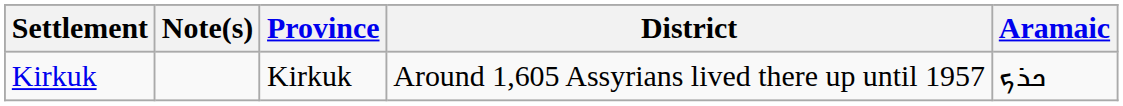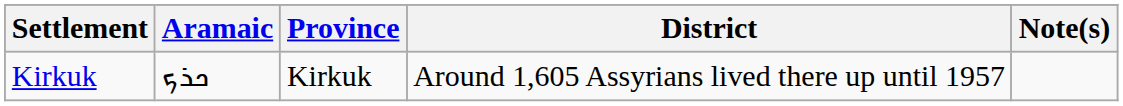 <table class="wikitable">
 <tr>
 <th>Settlement</th>
-<th>Note(s)</th>
+<th><a href='#'>Aramaic</a></th>
 <th><a href='#'>Province</a></th>
 <th>District</th>
-<th><a href='#'>Aramaic</a></th>
+<th>Note(s)</th>
 </tr>
 <tr>
 <td><a href='#'>Kirkuk</a></td>
-<td></td>
+<td>ܟܪܟ</td>
 <td>Kirkuk</td>
 <td>Around 1,605 Assyrians lived there up until 1957</td>
-<td>ܟܪܟ</td>
+<td></td>
 </tr>
 </table>
